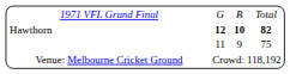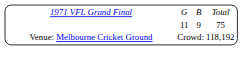 <table style="margin-right:4px; margin-top:8px; float:right; clear:right; border:1px #000 solid; border-radius:8px; background:#fff; font-family:Verdana; font-size:8pt; text-align:center;">
 <tr>
 <td style="width:200px;"><em><a href='#'>1971 VFL Grand Final</a></em></td>
 <td><em>G</em></td>
 <td><em>B</em></td>
 <td><em>Total</em></td>
-</tr>
-<tr>
-<td style="text-align:left">Hawthorn</td>
-<td><strong>12</strong></td>
-<td><strong>10</strong></td>
-<td><strong>82</strong></td>
 </tr>
 <tr>
 <td style="text-align:left"></td>
 <td>11</td>
 <td>9</td>
 <td>75</td>
 </tr>
 <tr>
 <td>Venue: <a href='#'>Melbourne Cricket Ground</a></td>
 <td colspan="3">Crowd: 118,192</td>
 </tr>
 </table>
